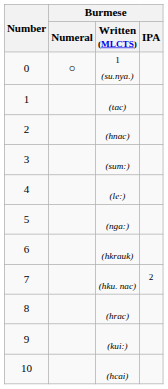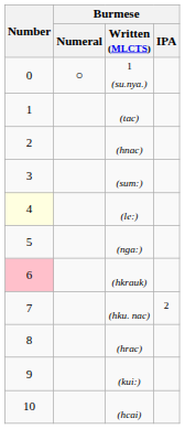 <table class="wikitable" border="1" style="text-align:center">
 <tr>
 <th rowspan="2">Number</th>
 <th colspan="3">Burmese</th>
 </tr>
 <tr>
 <th>Numeral</th>
 <th>Written<br><small>(<a href='#'>MLCTS</a>)</small></th>
 <th>IPA</th>
 </tr>
 <tr>
 <td>0</td>
 <td style="width:3em">၀</td>
 <td><sup>1</sup><br><small><em>(su.nya.)</em></small></td>
 <td></td>
 </tr>
 <tr>
 <td>1</td>
 <td></td>
 <td><br><small><em>(tac)</em></small></td>
 <td></td>
 </tr>
 <tr>
 <td>2</td>
 <td></td>
 <td><br><small><em>(hnac)</em></small></td>
 <td></td>
 </tr>
 <tr>
 <td>3</td>
 <td></td>
 <td><br><small><em>(sum:)</em></small></td>
 <td></td>
 </tr>
 <tr>
-<td>4</td>
+<td style="background: lightyellow;">4</td>
 <td></td>
 <td><br><small><em>(le:)</em></small></td>
 <td></td>
 </tr>
 <tr>
 <td>5</td>
 <td></td>
 <td><br><small><em>(nga:)</em></small></td>
 <td></td>
 </tr>
 <tr>
-<td>6</td>
+<td style="background: pink;">6</td>
 <td></td>
 <td><br><small><em>(hkrauk)</em></small></td>
 <td></td>
 </tr>
 <tr>
 <td>7</td>
 <td></td>
 <td><br><small><em>(hku. nac)</em></small></td>
 <td><sup>2</sup></td>
 </tr>
 <tr>
 <td>8</td>
 <td></td>
 <td><br><small><em>(hrac)</em></small></td>
 <td></td>
 </tr>
 <tr>
 <td>9</td>
 <td></td>
 <td><br><small><em>(kui:)</em></small></td>
 <td></td>
 </tr>
 <tr>
 <td>10</td>
 <td></td>
 <td><br><small><em>(hcai)</em></small></td>
 <td></td>
 </tr>
 </table>
